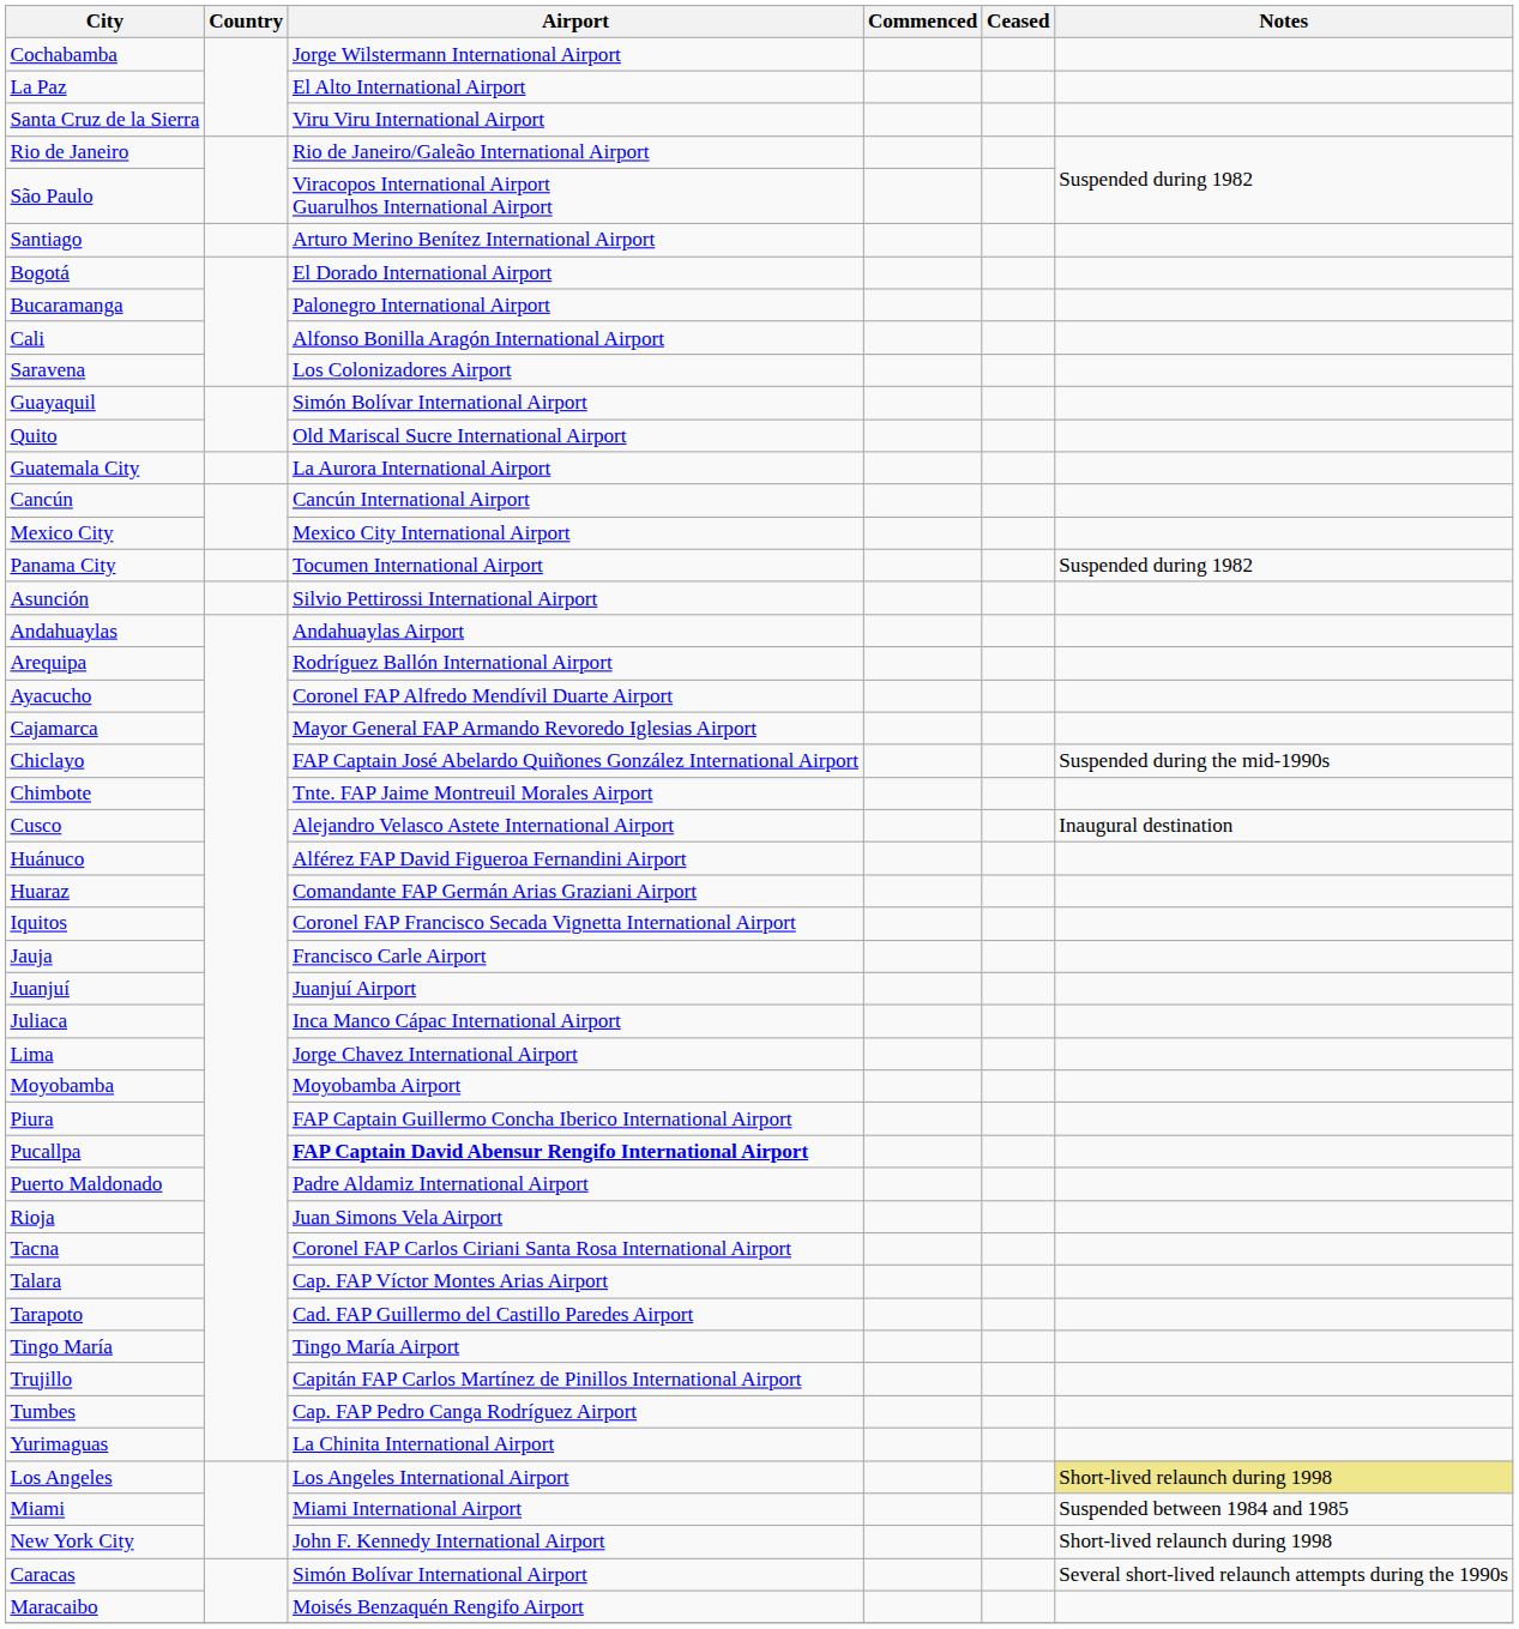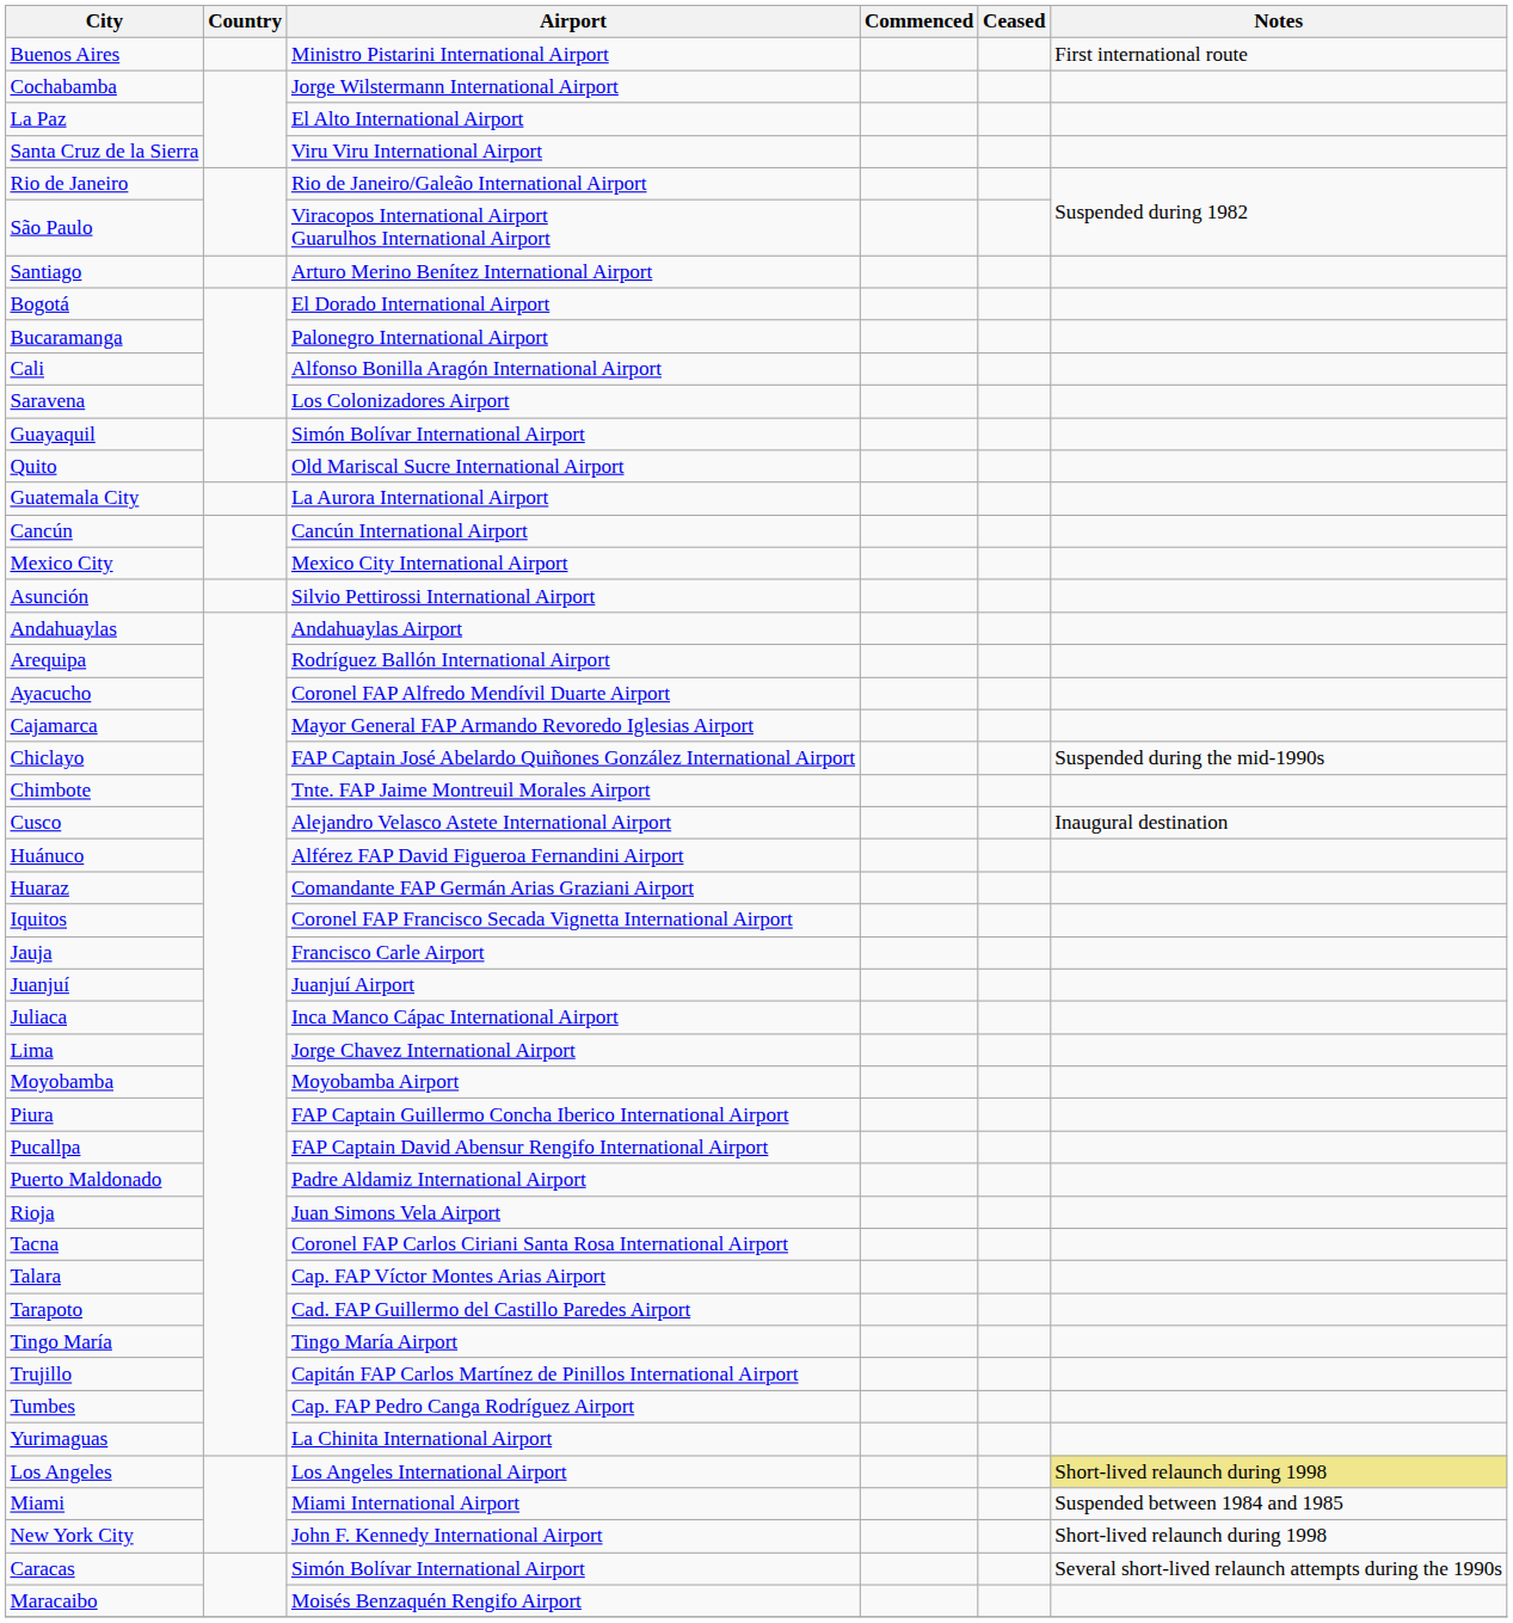 <table class="sortable wikitable">
 <tr>
 <th>City</th>
 <th>Country</th>
 <th>Airport</th>
 <th>Commenced</th>
 <th>Ceased</th>
 <th>Notes</th>
+</tr>
+<tr>
+<td><a href='#'>Buenos Aires</a></td>
+<td></td>
+<td><a href='#'>Ministro Pistarini International Airport</a></td>
+<td></td>
+<td></td>
+<td>First international route</td>
 </tr>
 <tr>
 <td><a href='#'>Cochabamba</a></td>
 <td rowspan=3></td>
 <td><a href='#'>Jorge Wilstermann International Airport</a></td>
 <td></td>
 <td></td>
 <td></td>
 </tr>
 <tr>
 <td><a href='#'>La Paz</a></td>
 <td><a href='#'>El Alto International Airport</a></td>
 <td></td>
 <td></td>
 <td></td>
 </tr>
 <tr>
 <td><a href='#'>Santa Cruz de la Sierra</a></td>
 <td><a href='#'>Viru Viru International Airport</a></td>
 <td></td>
 <td></td>
 <td></td>
 </tr>
 <tr>
 <td><a href='#'>Rio de Janeiro</a></td>
 <td rowspan=2></td>
 <td><a href='#'>Rio de Janeiro/Galeão International Airport</a></td>
 <td></td>
 <td></td>
 <td rowspan=2>Suspended during 1982</td>
 </tr>
 <tr>
 <td><a href='#'>São Paulo</a></td>
 <td><a href='#'>Viracopos International Airport</a><br><a href='#'>Guarulhos International Airport</a></td>
 <td></td>
 <td></td>
 </tr>
 <tr>
 <td><a href='#'>Santiago</a></td>
 <td></td>
 <td><a href='#'>Arturo Merino Benítez International Airport</a></td>
 <td></td>
 <td></td>
 <td></td>
 </tr>
 <tr>
 <td><a href='#'>Bogotá</a></td>
 <td rowspan=4></td>
 <td><a href='#'>El Dorado International Airport</a></td>
 <td></td>
 <td></td>
 <td></td>
 </tr>
 <tr>
 <td><a href='#'>Bucaramanga</a></td>
 <td><a href='#'>Palonegro International Airport</a></td>
 <td></td>
 <td></td>
 <td></td>
 </tr>
 <tr>
 <td><a href='#'>Cali</a></td>
 <td><a href='#'>Alfonso Bonilla Aragón International Airport</a></td>
 <td></td>
 <td></td>
 <td></td>
 </tr>
 <tr>
 <td><a href='#'>Saravena</a></td>
 <td><a href='#'>Los Colonizadores Airport</a></td>
 <td></td>
 <td></td>
 <td></td>
 </tr>
 <tr>
 <td><a href='#'>Guayaquil</a></td>
 <td rowspan=2></td>
 <td><a href='#'>Simón Bolívar International Airport</a></td>
 <td></td>
 <td></td>
 <td></td>
 </tr>
 <tr>
 <td><a href='#'>Quito</a></td>
 <td><a href='#'>Old Mariscal Sucre International Airport</a></td>
 <td></td>
 <td></td>
 <td></td>
 </tr>
 <tr>
 <td><a href='#'>Guatemala City</a></td>
 <td></td>
 <td><a href='#'>La Aurora International Airport</a></td>
 <td></td>
 <td></td>
 <td></td>
 </tr>
 <tr>
 <td><a href='#'>Cancún</a></td>
 <td rowspan=2></td>
 <td><a href='#'>Cancún International Airport</a></td>
 <td></td>
 <td></td>
 <td></td>
 </tr>
 <tr>
 <td><a href='#'>Mexico City</a></td>
 <td><a href='#'>Mexico City International Airport</a></td>
 <td></td>
 <td></td>
 <td></td>
-</tr>
-<tr>
-<td><a href='#'>Panama City</a></td>
-<td></td>
-<td><a href='#'>Tocumen International Airport</a></td>
-<td></td>
-<td></td>
-<td>Suspended during 1982</td>
 </tr>
 <tr>
 <td><a href='#'>Asunción</a></td>
 <td></td>
 <td><a href='#'>Silvio Pettirossi International Airport</a></td>
 <td></td>
 <td></td>
 <td></td>
 </tr>
 <tr>
 <td><a href='#'>Andahuaylas</a></td>
 <td rowspan=26></td>
 <td><a href='#'>Andahuaylas Airport</a></td>
 <td></td>
 <td></td>
 <td></td>
 </tr>
 <tr>
 <td><a href='#'>Arequipa</a></td>
 <td><a href='#'>Rodríguez Ballón International Airport</a></td>
 <td></td>
 <td></td>
 <td></td>
 </tr>
 <tr>
 <td><a href='#'>Ayacucho</a></td>
 <td><a href='#'>Coronel FAP Alfredo Mendívil Duarte Airport</a></td>
 <td></td>
 <td></td>
 <td></td>
 </tr>
 <tr>
 <td><a href='#'>Cajamarca</a></td>
 <td><a href='#'>Mayor General FAP Armando Revoredo Iglesias Airport</a></td>
 <td></td>
 <td></td>
 <td></td>
 </tr>
 <tr>
 <td><a href='#'>Chiclayo</a></td>
 <td><a href='#'>FAP Captain José Abelardo Quiñones González International Airport</a></td>
 <td></td>
 <td></td>
 <td>Suspended during the mid-1990s</td>
 </tr>
 <tr>
 <td><a href='#'>Chimbote</a></td>
 <td><a href='#'>Tnte. FAP Jaime Montreuil Morales Airport</a></td>
 <td></td>
 <td></td>
 <td></td>
 </tr>
 <tr>
 <td><a href='#'>Cusco</a></td>
 <td><a href='#'>Alejandro Velasco Astete International Airport</a></td>
 <td></td>
 <td></td>
 <td>Inaugural destination</td>
 </tr>
 <tr>
 <td><a href='#'>Huánuco</a></td>
 <td><a href='#'>Alférez FAP David Figueroa Fernandini Airport</a></td>
 <td></td>
 <td></td>
 <td></td>
 </tr>
 <tr>
 <td><a href='#'>Huaraz</a></td>
 <td><a href='#'>Comandante FAP Germán Arias Graziani Airport</a></td>
 <td></td>
 <td></td>
 <td></td>
 </tr>
 <tr>
 <td><a href='#'>Iquitos</a></td>
 <td><a href='#'>Coronel FAP Francisco Secada Vignetta International Airport</a></td>
 <td></td>
 <td></td>
 <td></td>
 </tr>
 <tr>
 <td><a href='#'>Jauja</a></td>
 <td><a href='#'>Francisco Carle Airport</a></td>
 <td></td>
 <td></td>
 <td></td>
 </tr>
 <tr>
 <td><a href='#'>Juanjuí</a></td>
 <td><a href='#'>Juanjuí Airport</a></td>
 <td></td>
 <td></td>
 <td></td>
 </tr>
 <tr>
 <td><a href='#'>Juliaca</a></td>
 <td><a href='#'>Inca Manco Cápac International Airport</a></td>
 <td></td>
 <td></td>
 <td></td>
 </tr>
 <tr>
 <td><a href='#'>Lima</a></td>
 <td><a href='#'>Jorge Chavez International Airport</a></td>
 <td></td>
 <td></td>
 <td></td>
 </tr>
 <tr>
 <td><a href='#'>Moyobamba</a></td>
 <td><a href='#'>Moyobamba Airport</a></td>
 <td></td>
 <td></td>
 <td></td>
 </tr>
 <tr>
 <td><a href='#'>Piura</a></td>
 <td><a href='#'>FAP Captain Guillermo Concha Iberico International Airport</a></td>
 <td></td>
 <td></td>
 <td></td>
 </tr>
 <tr>
 <td><a href='#'>Pucallpa</a></td>
-<td><strong><a href='#'>FAP Captain David Abensur Rengifo International Airport</a></strong></td>
+<td><a href='#'>FAP Captain David Abensur Rengifo International Airport</a></td>
 <td></td>
 <td></td>
 <td></td>
 </tr>
 <tr>
 <td><a href='#'>Puerto Maldonado</a></td>
 <td><a href='#'>Padre Aldamiz International Airport</a></td>
 <td></td>
 <td></td>
 <td></td>
 </tr>
 <tr>
 <td><a href='#'>Rioja</a></td>
 <td><a href='#'>Juan Simons Vela Airport</a></td>
 <td></td>
 <td></td>
 <td></td>
 </tr>
 <tr>
 <td><a href='#'>Tacna</a></td>
 <td><a href='#'>Coronel FAP Carlos Ciriani Santa Rosa International Airport</a></td>
 <td></td>
 <td></td>
 <td></td>
 </tr>
 <tr>
 <td><a href='#'>Talara</a></td>
 <td><a href='#'>Cap. FAP Víctor Montes Arias Airport</a></td>
 <td></td>
 <td></td>
 <td></td>
 </tr>
 <tr>
 <td><a href='#'>Tarapoto</a></td>
 <td><a href='#'>Cad. FAP Guillermo del Castillo Paredes Airport</a></td>
 <td></td>
 <td></td>
 <td></td>
 </tr>
 <tr>
 <td><a href='#'>Tingo María</a></td>
 <td><a href='#'>Tingo María Airport</a></td>
 <td></td>
 <td></td>
 <td></td>
 </tr>
 <tr>
 <td><a href='#'>Trujillo</a></td>
 <td><a href='#'>Capitán FAP Carlos Martínez de Pinillos International Airport</a></td>
 <td></td>
 <td></td>
 <td></td>
 </tr>
 <tr>
 <td><a href='#'>Tumbes</a></td>
 <td><a href='#'>Cap. FAP Pedro Canga Rodríguez Airport</a></td>
 <td></td>
 <td></td>
 <td></td>
 </tr>
 <tr>
 <td><a href='#'>Yurimaguas</a></td>
 <td><a href='#'>La Chinita International Airport</a></td>
 <td></td>
 <td></td>
 <td></td>
 </tr>
 <tr>
 <td><a href='#'>Los Angeles</a></td>
 <td rowspan=3></td>
 <td><a href='#'>Los Angeles International Airport</a></td>
 <td></td>
 <td></td>
 <td style="background: khaki;">Short-lived relaunch during 1998</td>
 </tr>
 <tr>
 <td><a href='#'>Miami</a></td>
 <td><a href='#'>Miami International Airport</a></td>
 <td></td>
 <td></td>
 <td>Suspended between 1984 and 1985</td>
 </tr>
 <tr>
 <td><a href='#'>New York City</a></td>
 <td><a href='#'>John F. Kennedy International Airport</a></td>
 <td></td>
 <td></td>
 <td>Short-lived relaunch during 1998</td>
 </tr>
 <tr>
 <td><a href='#'>Caracas</a></td>
 <td rowspan=2></td>
 <td><a href='#'>Simón Bolívar International Airport</a></td>
 <td></td>
 <td></td>
 <td>Several short-lived relaunch attempts during the 1990s</td>
 </tr>
 <tr>
 <td><a href='#'>Maracaibo</a></td>
 <td><a href='#'>Moisés Benzaquén Rengifo Airport</a></td>
 <td></td>
 <td></td>
 <td></td>
 </tr>
 <tr>
 </tr>
 </table>
